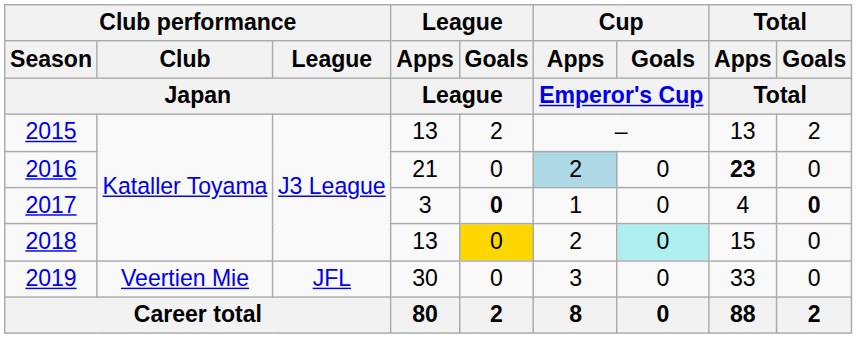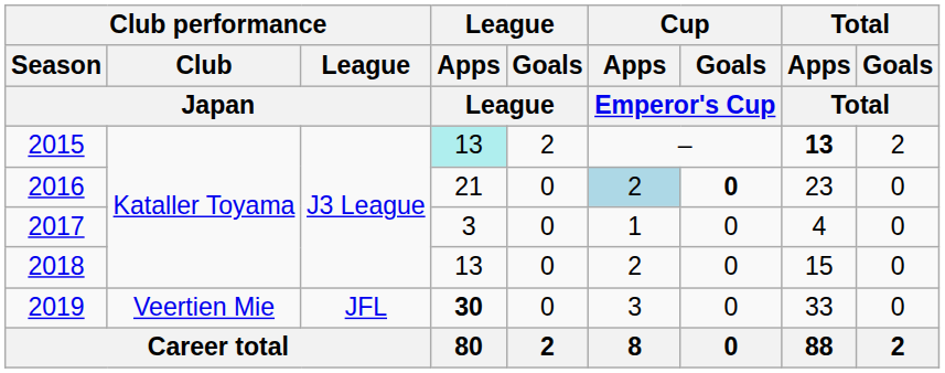 <table class="wikitable" style="text-align:center">
 <tr>
 <th colspan=3>Club performance</th>
 <th colspan=2>League</th>
 <th colspan=2>Cup</th>
 <th colspan=2>Total</th>
 </tr>
 <tr>
 <th>Season</th>
 <th>Club</th>
 <th>League</th>
 <th>Apps</th>
 <th>Goals</th>
 <th>Apps</th>
 <th>Goals</th>
 <th>Apps</th>
 <th>Goals</th>
 </tr>
 <tr>
 <th colspan=3>Japan</th>
 <th colspan=2>League</th>
 <th colspan=2><a href='#'>Emperor's Cup</a></th>
 <th colspan=2>Total</th>
 </tr>
 <tr>
 <td><a href='#'>2015</a></td>
 <td rowspan="4"><a href='#'>Kataller Toyama</a></td>
 <td rowspan="4"><a href='#'>J3 League</a></td>
-<td>13</td>
+<td style="background: paleturquoise;">13</td>
 <td>2</td>
 <td colspan="2">–</td>
-<td>13</td>
+<td><strong>13</strong></td>
 <td>2</td>
 </tr>
 <tr>
 <td><a href='#'>2016</a></td>
 <td>21</td>
 <td>0</td>
 <td style="background: lightblue;">2</td>
-<td>0</td>
-<td><strong>23</strong></td>
+<td><strong>0</strong></td>
+<td>23</td>
 <td>0</td>
 </tr>
 <tr>
 <td><a href='#'>2017</a></td>
 <td>3</td>
-<td><strong>0</strong></td>
+<td>0</td>
 <td>1</td>
 <td>0</td>
 <td>4</td>
-<td><strong>0</strong></td>
+<td>0</td>
 </tr>
 <tr>
 <td><a href='#'>2018</a></td>
 <td>13</td>
-<td style="background: gold;">0</td>
+<td>0</td>
 <td>2</td>
-<td style="background: paleturquoise;">0</td>
+<td>0</td>
 <td>15</td>
 <td>0</td>
 </tr>
 <tr>
 <td><a href='#'>2019</a></td>
 <td><a href='#'>Veertien Mie</a></td>
 <td><a href='#'>JFL</a></td>
-<td>30</td>
+<td><strong>30</strong></td>
 <td>0</td>
 <td>3</td>
 <td>0</td>
 <td>33</td>
 <td>0</td>
 </tr>
 <tr>
 <th colspan=3>Career total</th>
 <th>80</th>
 <th>2</th>
 <th>8</th>
 <th>0</th>
 <th>88</th>
 <th>2</th>
 </tr>
 </table>
